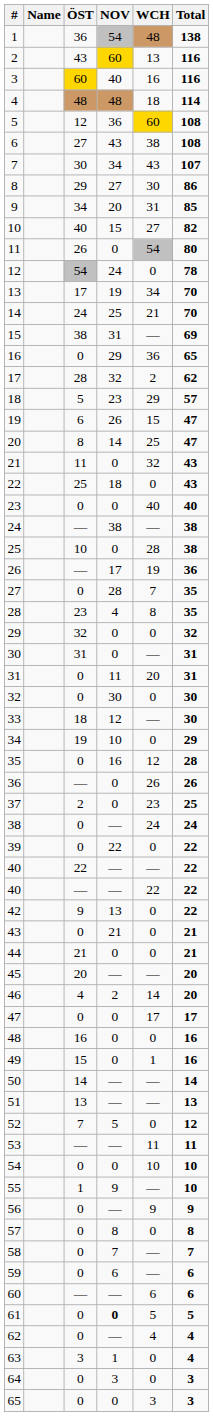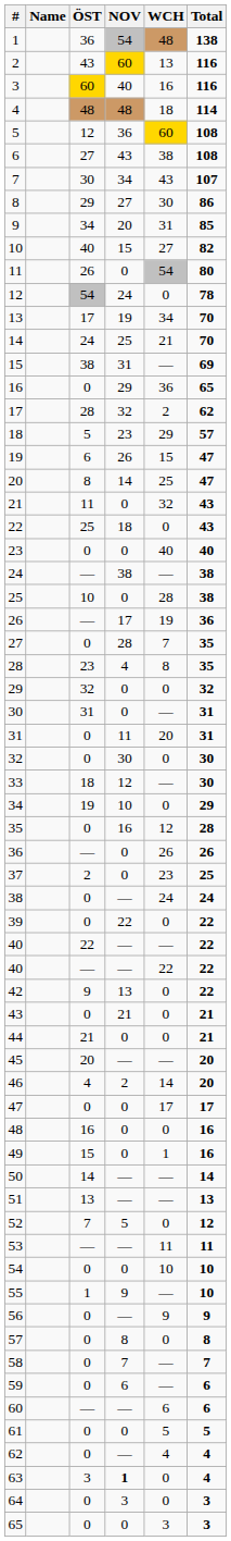 <table class="wikitable sortable" style="text-align:center;">
 <tr>
 <th>#</th>
 <th>Name</th>
 <th>ÖST</th>
 <th>NOV</th>
 <th>WCH</th>
 <th>Total</th>
 </tr>
 <tr>
 <td>1</td>
 <td align="left"></td>
 <td>36</td>
 <td bgcolor="silver">54</td>
 <td bgcolor=CC9966>48</td>
 <td><strong>138</strong></td>
 </tr>
 <tr>
 <td>2</td>
 <td align="left"></td>
 <td>43</td>
 <td bgcolor="gold">60</td>
 <td>13</td>
 <td><strong>116</strong></td>
 </tr>
 <tr>
 <td>3</td>
 <td align="left"></td>
 <td bgcolor="gold">60</td>
 <td>40</td>
 <td>16</td>
 <td><strong>116</strong></td>
 </tr>
 <tr>
 <td>4</td>
 <td align="left"></td>
 <td bgcolor=CC9966>48</td>
 <td bgcolor=CC9966>48</td>
 <td>18</td>
 <td><strong>114</strong></td>
 </tr>
 <tr>
 <td>5</td>
 <td align="left"></td>
 <td>12</td>
 <td>36</td>
 <td bgcolor="gold">60</td>
 <td><strong>108</strong></td>
 </tr>
 <tr>
 <td>6</td>
 <td align="left"></td>
 <td>27</td>
 <td>43</td>
 <td>38</td>
 <td><strong>108</strong></td>
 </tr>
 <tr>
 <td>7</td>
 <td align="left"></td>
 <td>30</td>
 <td>34</td>
 <td>43</td>
 <td><strong>107</strong></td>
 </tr>
 <tr>
 <td>8</td>
 <td align="left"></td>
 <td>29</td>
 <td>27</td>
 <td>30</td>
 <td><strong>86</strong></td>
 </tr>
 <tr>
 <td>9</td>
 <td align="left"></td>
 <td>34</td>
 <td>20</td>
 <td>31</td>
 <td><strong>85</strong></td>
 </tr>
 <tr>
 <td>10</td>
 <td align="left"></td>
 <td>40</td>
 <td>15</td>
 <td>27</td>
 <td><strong>82</strong></td>
 </tr>
 <tr>
 <td>11</td>
 <td align="left"></td>
 <td>26</td>
 <td>0</td>
 <td bgcolor="silver">54</td>
 <td><strong>80</strong></td>
 </tr>
 <tr>
 <td>12</td>
 <td align="left"></td>
 <td bgcolor="silver">54</td>
 <td>24</td>
 <td>0</td>
 <td><strong>78</strong></td>
 </tr>
 <tr>
 <td>13</td>
 <td align="left"></td>
 <td>17</td>
 <td>19</td>
 <td>34</td>
 <td><strong>70</strong></td>
 </tr>
 <tr>
 <td>14</td>
 <td align="left"></td>
 <td>24</td>
 <td>25</td>
 <td>21</td>
 <td><strong>70</strong></td>
 </tr>
 <tr>
 <td>15</td>
 <td align="left"></td>
 <td>38</td>
 <td>31</td>
 <td>—</td>
 <td><strong>69</strong></td>
 </tr>
 <tr>
 <td>16</td>
 <td align="left"></td>
 <td>0</td>
 <td>29</td>
 <td>36</td>
 <td><strong>65</strong></td>
 </tr>
 <tr>
 <td>17</td>
 <td align="left"></td>
 <td>28</td>
 <td>32</td>
 <td>2</td>
 <td><strong>62</strong></td>
 </tr>
 <tr>
 <td>18</td>
 <td align="left"></td>
 <td>5</td>
 <td>23</td>
 <td>29</td>
 <td><strong>57</strong></td>
 </tr>
 <tr>
 <td>19</td>
 <td align="left"></td>
 <td>6</td>
 <td>26</td>
 <td>15</td>
 <td><strong>47</strong></td>
 </tr>
 <tr>
 <td>20</td>
 <td align="left"></td>
 <td>8</td>
 <td>14</td>
 <td>25</td>
 <td><strong>47</strong></td>
 </tr>
 <tr>
 <td>21</td>
 <td align="left"></td>
 <td>11</td>
 <td>0</td>
 <td>32</td>
 <td><strong>43</strong></td>
 </tr>
 <tr>
 <td>22</td>
 <td align="left"></td>
 <td>25</td>
 <td>18</td>
 <td>0</td>
 <td><strong>43</strong></td>
 </tr>
 <tr>
 <td>23</td>
 <td align="left"></td>
 <td>0</td>
 <td>0</td>
 <td>40</td>
 <td><strong>40</strong></td>
 </tr>
 <tr>
 <td>24</td>
 <td align="left"></td>
 <td>—</td>
 <td>38</td>
 <td>—</td>
 <td><strong>38</strong></td>
 </tr>
 <tr>
 <td>25</td>
 <td align="left"></td>
 <td>10</td>
 <td>0</td>
 <td>28</td>
 <td><strong>38</strong></td>
 </tr>
 <tr>
 <td>26</td>
 <td align="left"></td>
 <td>—</td>
 <td>17</td>
 <td>19</td>
 <td><strong>36</strong></td>
 </tr>
 <tr>
 <td>27</td>
 <td align="left"></td>
 <td>0</td>
 <td>28</td>
 <td>7</td>
 <td><strong>35</strong></td>
 </tr>
 <tr>
 <td>28</td>
 <td align="left"></td>
 <td>23</td>
 <td>4</td>
 <td>8</td>
 <td><strong>35</strong></td>
 </tr>
 <tr>
 <td>29</td>
 <td align="left"></td>
 <td>32</td>
 <td>0</td>
 <td>0</td>
 <td><strong>32</strong></td>
 </tr>
 <tr>
 <td>30</td>
 <td align="left"></td>
 <td>31</td>
 <td>0</td>
 <td>—</td>
 <td><strong>31</strong></td>
 </tr>
 <tr>
 <td>31</td>
 <td align="left"></td>
 <td>0</td>
 <td>11</td>
 <td>20</td>
 <td><strong>31</strong></td>
 </tr>
 <tr>
 <td>32</td>
 <td align="left"></td>
 <td>0</td>
 <td>30</td>
 <td>0</td>
 <td><strong>30</strong></td>
 </tr>
 <tr>
 <td>33</td>
 <td align="left"></td>
 <td>18</td>
 <td>12</td>
 <td>—</td>
 <td><strong>30</strong></td>
 </tr>
 <tr>
 <td>34</td>
 <td align="left"></td>
 <td>19</td>
 <td>10</td>
 <td>0</td>
 <td><strong>29</strong></td>
 </tr>
 <tr>
 <td>35</td>
 <td align="left"></td>
 <td>0</td>
 <td>16</td>
 <td>12</td>
 <td><strong>28</strong></td>
 </tr>
 <tr>
 <td>36</td>
 <td align="left"></td>
 <td>—</td>
 <td>0</td>
 <td>26</td>
 <td><strong>26</strong></td>
 </tr>
 <tr>
 <td>37</td>
 <td align="left"></td>
 <td>2</td>
 <td>0</td>
 <td>23</td>
 <td><strong>25</strong></td>
 </tr>
 <tr>
 <td>38</td>
 <td align="left"></td>
 <td>0</td>
 <td>—</td>
 <td>24</td>
 <td><strong>24</strong></td>
 </tr>
 <tr>
 <td>39</td>
 <td align="left"></td>
 <td>0</td>
 <td>22</td>
 <td>0</td>
 <td><strong>22</strong></td>
 </tr>
 <tr>
 <td>40</td>
 <td align="left"></td>
 <td>22</td>
 <td>—</td>
 <td>—</td>
 <td><strong>22</strong></td>
 </tr>
 <tr>
 <td>40</td>
 <td align="left"></td>
 <td>—</td>
 <td>—</td>
 <td>22</td>
 <td><strong>22</strong></td>
 </tr>
 <tr>
 <td>42</td>
 <td align="left"></td>
 <td>9</td>
 <td>13</td>
 <td>0</td>
 <td><strong>22</strong></td>
 </tr>
 <tr>
 <td>43</td>
 <td align="left"></td>
 <td>0</td>
 <td>21</td>
 <td>0</td>
 <td><strong>21</strong></td>
 </tr>
 <tr>
 <td>44</td>
 <td align="left"></td>
 <td>21</td>
 <td>0</td>
 <td>0</td>
 <td><strong>21</strong></td>
 </tr>
 <tr>
 <td>45</td>
 <td align="left"></td>
 <td>20</td>
 <td>—</td>
 <td>—</td>
 <td><strong>20</strong></td>
 </tr>
 <tr>
 <td>46</td>
 <td align="left"></td>
 <td>4</td>
 <td>2</td>
 <td>14</td>
 <td><strong>20</strong></td>
 </tr>
 <tr>
 <td>47</td>
 <td align="left"></td>
 <td>0</td>
 <td>0</td>
 <td>17</td>
 <td><strong>17</strong></td>
 </tr>
 <tr>
 <td>48</td>
 <td align="left"></td>
 <td>16</td>
 <td>0</td>
 <td>0</td>
 <td><strong>16</strong></td>
 </tr>
 <tr>
 <td>49</td>
 <td align="left"></td>
 <td>15</td>
 <td>0</td>
 <td>1</td>
 <td><strong>16</strong></td>
 </tr>
 <tr>
 <td>50</td>
 <td align="left"></td>
 <td>14</td>
 <td>—</td>
 <td>—</td>
 <td><strong>14</strong></td>
 </tr>
 <tr>
 <td>51</td>
 <td align="left"></td>
 <td>13</td>
 <td>—</td>
 <td>—</td>
 <td><strong>13</strong></td>
 </tr>
 <tr>
 <td>52</td>
 <td align="left"></td>
 <td>7</td>
 <td>5</td>
 <td>0</td>
 <td><strong>12</strong></td>
 </tr>
 <tr>
 <td>53</td>
 <td align="left"></td>
 <td>—</td>
 <td>—</td>
 <td>11</td>
 <td><strong>11</strong></td>
 </tr>
 <tr>
 <td>54</td>
 <td align="left"></td>
 <td>0</td>
 <td>0</td>
 <td>10</td>
 <td><strong>10</strong></td>
 </tr>
 <tr>
 <td>55</td>
 <td align="left"></td>
 <td>1</td>
 <td>9</td>
 <td>—</td>
 <td><strong>10</strong></td>
 </tr>
 <tr>
 <td>56</td>
 <td align="left"></td>
 <td>0</td>
 <td>—</td>
 <td>9</td>
 <td><strong>9</strong></td>
 </tr>
 <tr>
 <td>57</td>
 <td align="left"></td>
 <td>0</td>
 <td>8</td>
 <td>0</td>
 <td><strong>8</strong></td>
 </tr>
 <tr>
 <td>58</td>
 <td align="left"></td>
 <td>0</td>
 <td>7</td>
 <td>—</td>
 <td><strong>7</strong></td>
 </tr>
 <tr>
 <td>59</td>
 <td align="left"></td>
 <td>0</td>
 <td>6</td>
 <td>—</td>
 <td><strong>6</strong></td>
 </tr>
 <tr>
 <td>60</td>
 <td align="left"></td>
 <td>—</td>
 <td>—</td>
 <td>6</td>
 <td><strong>6</strong></td>
 </tr>
 <tr>
 <td>61</td>
 <td align="left"></td>
 <td>0</td>
-<td><strong>0</strong></td>
+<td>0</td>
 <td>5</td>
 <td><strong>5</strong></td>
 </tr>
 <tr>
 <td>62</td>
 <td align="left"></td>
 <td>0</td>
 <td>—</td>
 <td>4</td>
 <td><strong>4</strong></td>
 </tr>
 <tr>
 <td>63</td>
 <td align="left"></td>
 <td>3</td>
-<td>1</td>
+<td><strong>1</strong></td>
 <td>0</td>
 <td><strong>4</strong></td>
 </tr>
 <tr>
 <td>64</td>
 <td align="left"></td>
 <td>0</td>
 <td>3</td>
 <td>0</td>
 <td><strong>3</strong></td>
 </tr>
 <tr>
 <td>65</td>
 <td align="left"></td>
 <td>0</td>
 <td>0</td>
 <td>3</td>
 <td><strong>3</strong></td>
 </tr>
 </table>
